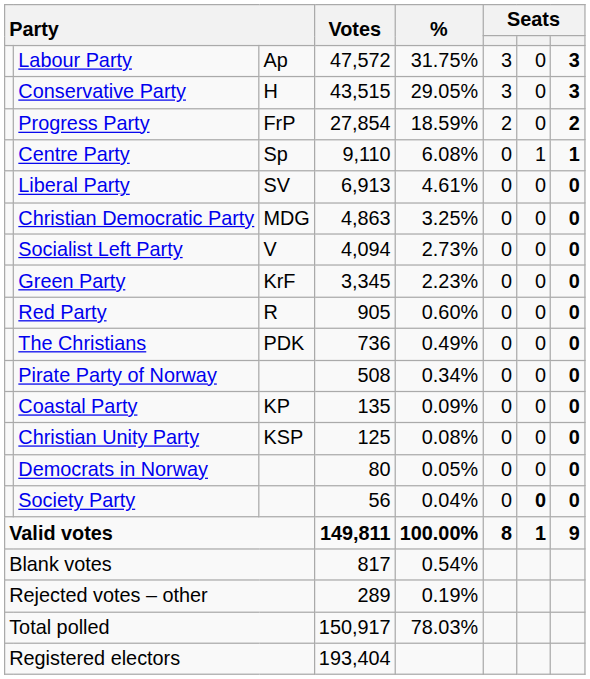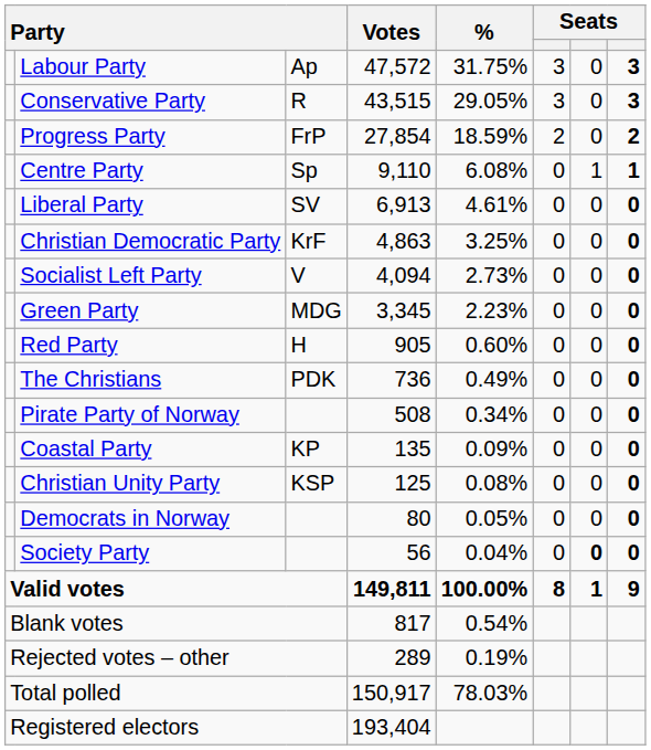 <table class="wikitable" border="1" style="text-align:right;">
 <tr>
 <th style="text-align:left;" valign=bottom rowspan=2 colspan=3>Party</th>
 <th align=center valign=bottom rowspan=2 width="50">Votes</th>
 <th align=center valign=bottom rowspan=2 width="50">%</th>
 <th colspan=3>Seats</th>
 </tr>
 <tr>
 <th align=center valign=bottom width="20"><small></small></th>
 <th align=center valign=bottom width="20"><small><a href='#'></a></small></th>
 <th align=center valign=bottom width="20"><small></small></th>
 </tr>
 <tr>
 <td style="color:inherit;background:"></td>
 <td align=left><a href='#'>Labour Party</a></td>
 <td align=left>Ap</td>
 <td>47,572</td>
 <td>31.75%</td>
 <td>3</td>
 <td>0</td>
 <td><strong>3</strong></td>
 </tr>
 <tr>
 <td style="color:inherit;background:"></td>
 <td align=left><a href='#'>Conservative Party</a></td>
-<td align=left>H</td>
+<td align=left>R</td>
 <td>43,515</td>
 <td>29.05%</td>
 <td>3</td>
 <td>0</td>
 <td><strong>3</strong></td>
 </tr>
 <tr>
 <td style="color:inherit;background:"></td>
 <td align=left><a href='#'>Progress Party</a></td>
 <td align=left>FrP</td>
 <td>27,854</td>
 <td>18.59%</td>
 <td>2</td>
 <td>0</td>
 <td><strong>2</strong></td>
 </tr>
 <tr>
 <td style="color:inherit;background:"></td>
 <td align=left><a href='#'>Centre Party</a></td>
 <td align=left>Sp</td>
 <td>9,110</td>
 <td>6.08%</td>
 <td>0</td>
 <td>1</td>
 <td><strong>1</strong></td>
 </tr>
 <tr>
 <td style="color:inherit;background:"></td>
 <td align=left><a href='#'>Liberal Party</a></td>
 <td align=left>SV</td>
 <td>6,913</td>
 <td>4.61%</td>
 <td>0</td>
 <td>0</td>
 <td><strong>0</strong></td>
 </tr>
 <tr>
 <td style="color:inherit;background:"></td>
 <td align=left><a href='#'>Christian Democratic Party</a></td>
-<td align=left>MDG</td>
+<td align=left>KrF</td>
 <td>4,863</td>
 <td>3.25%</td>
 <td>0</td>
 <td>0</td>
 <td><strong>0</strong></td>
 </tr>
 <tr>
 <td style="color:inherit;background:"></td>
 <td align=left><a href='#'>Socialist Left Party</a></td>
 <td align=left>V</td>
 <td>4,094</td>
 <td>2.73%</td>
 <td>0</td>
 <td>0</td>
 <td><strong>0</strong></td>
 </tr>
 <tr>
 <td style="color:inherit;background:"></td>
 <td align=left><a href='#'>Green Party</a></td>
-<td align=left>KrF</td>
+<td align=left>MDG</td>
 <td>3,345</td>
 <td>2.23%</td>
 <td>0</td>
 <td>0</td>
 <td><strong>0</strong></td>
 </tr>
 <tr>
 <td style="color:inherit;background:"></td>
 <td align=left><a href='#'>Red Party</a></td>
-<td align=left>R</td>
+<td align=left>H</td>
 <td>905</td>
 <td>0.60%</td>
 <td>0</td>
 <td>0</td>
 <td><strong>0</strong></td>
 </tr>
 <tr>
 <td style="color:inherit;background:"></td>
 <td align=left><a href='#'>The Christians</a></td>
 <td align=left>PDK</td>
 <td>736</td>
 <td>0.49%</td>
 <td>0</td>
 <td>0</td>
 <td><strong>0</strong></td>
 </tr>
 <tr>
 <td style="color:inherit;background:"></td>
 <td align=left><a href='#'>Pirate Party of Norway</a></td>
 <td align=left></td>
 <td>508</td>
 <td>0.34%</td>
 <td>0</td>
 <td>0</td>
 <td><strong>0</strong></td>
 </tr>
 <tr>
 <td style="color:inherit;background:"></td>
 <td align=left><a href='#'>Coastal Party</a></td>
 <td align=left>KP</td>
 <td>135</td>
 <td>0.09%</td>
 <td>0</td>
 <td>0</td>
 <td><strong>0</strong></td>
 </tr>
 <tr>
 <td style="color:inherit;background:"></td>
 <td align=left><a href='#'>Christian Unity Party</a></td>
 <td align=left>KSP</td>
 <td>125</td>
 <td>0.08%</td>
 <td>0</td>
 <td>0</td>
 <td><strong>0</strong></td>
 </tr>
 <tr>
 <td style="color:inherit;background:"></td>
 <td align=left><a href='#'>Democrats in Norway</a></td>
 <td align=left></td>
 <td>80</td>
 <td>0.05%</td>
 <td>0</td>
 <td>0</td>
 <td><strong>0</strong></td>
 </tr>
 <tr>
 <td style="color:inherit;background:"></td>
 <td align=left><a href='#'>Society Party</a></td>
 <td align=left></td>
 <td>56</td>
 <td>0.04%</td>
 <td>0</td>
 <td><strong>0</strong></td>
 <td><strong>0</strong></td>
 </tr>
 <tr style="font-weight:bold">
 <td align=left colspan=3>Valid votes</td>
 <td>149,811</td>
 <td>100.00%</td>
 <td>8</td>
 <td>1</td>
 <td>9</td>
 </tr>
 <tr>
 <td align=left colspan=3>Blank votes</td>
 <td>817</td>
 <td>0.54%</td>
 <td></td>
 <td></td>
 <td></td>
 </tr>
 <tr>
 <td align=left colspan=3>Rejected votes – other</td>
 <td>289</td>
 <td>0.19%</td>
 <td></td>
 <td></td>
 <td></td>
 </tr>
 <tr>
 <td align=left colspan=3>Total polled</td>
 <td>150,917</td>
 <td>78.03%</td>
 <td></td>
 <td></td>
 <td></td>
 </tr>
 <tr>
 <td align=left colspan=3>Registered electors</td>
 <td>193,404</td>
 <td></td>
 <td></td>
 <td></td>
 <td></td>
 </tr>
 </table>
